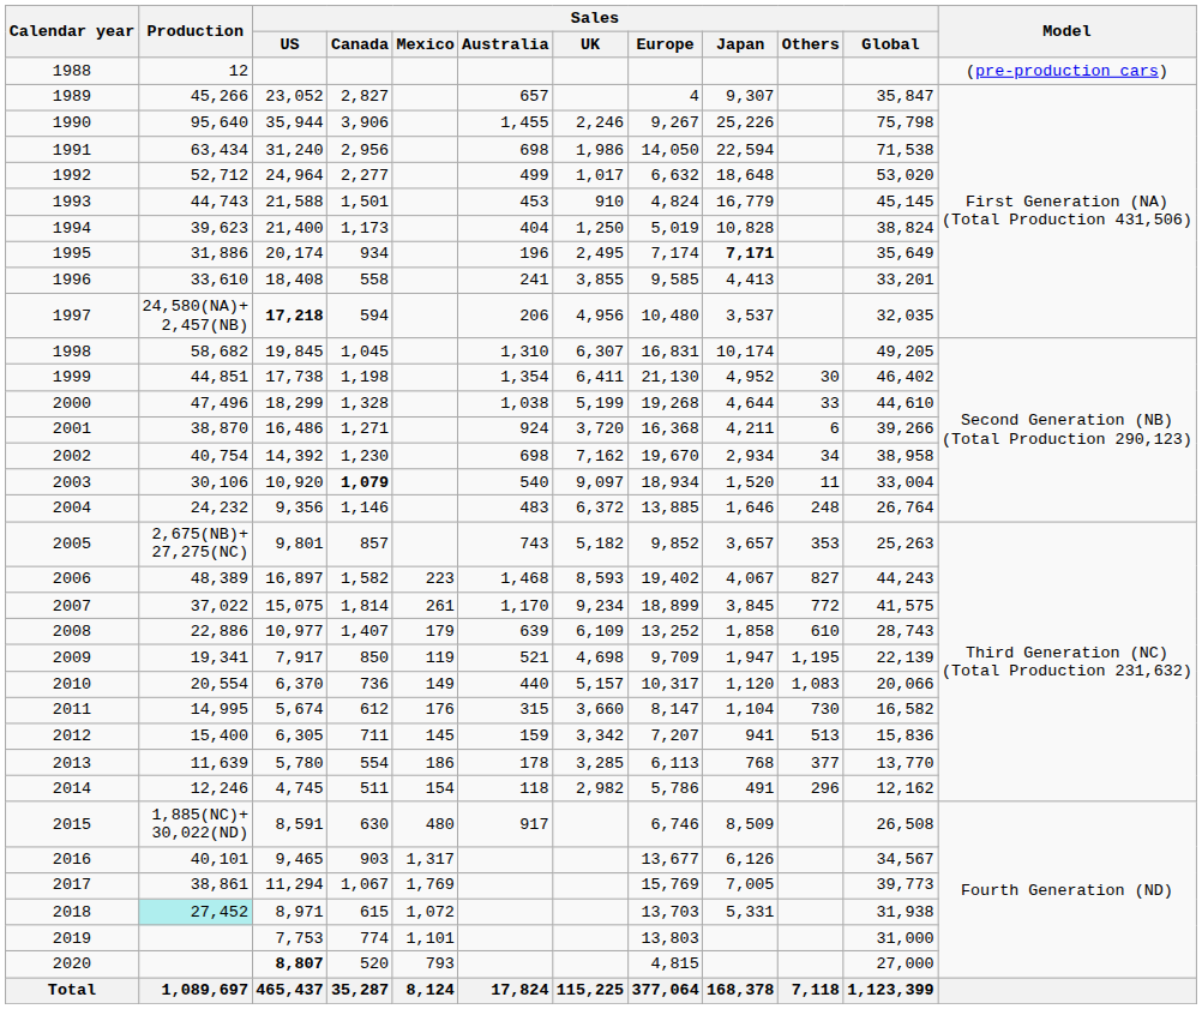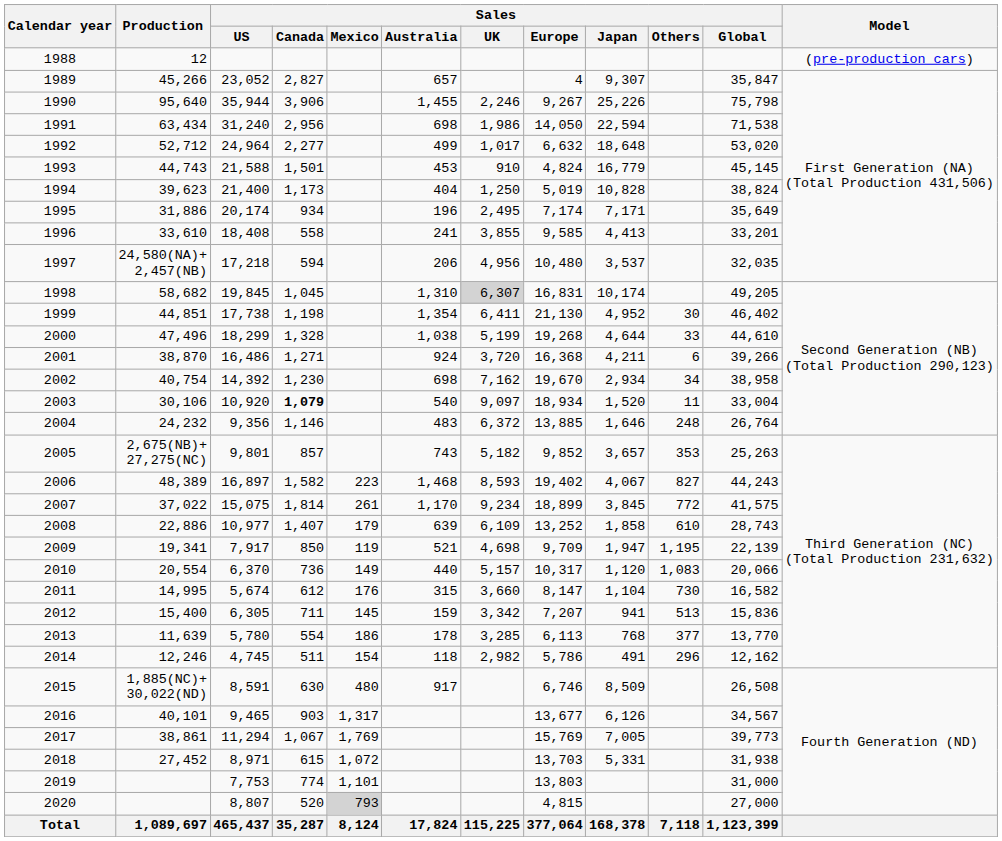 <table class="wikitable" style="text-align: right;">
 <tr>
 <th rowspan="2">Calendar year</th>
 <th rowspan="2">Production</th>
 <th colspan="9">Sales</th>
 <th rowspan="2">Model</th>
 </tr>
 <tr>
 <th>US</th>
 <th>Canada</th>
 <th>Mexico</th>
 <th>Australia</th>
 <th>UK</th>
 <th>Europe</th>
 <th>Japan</th>
 <th>Others</th>
 <th>Global</th>
 </tr>
 <tr>
 <td style="text-align: center;">1988</td>
 <td>12</td>
 <td></td>
 <td></td>
 <td></td>
 <td></td>
 <td></td>
 <td></td>
 <td></td>
 <td></td>
 <td></td>
 <td style="text-align: center;">(<a href='#'>pre-production cars</a>)</td>
 </tr>
 <tr>
 <td style="text-align: center;">1989</td>
 <td>45,266</td>
 <td>23,052</td>
 <td>2,827</td>
 <td></td>
 <td>657</td>
 <td></td>
 <td>4</td>
 <td>9,307</td>
 <td></td>
 <td>35,847</td>
 <td style="text-align: center;" rowspan="9">First Generation (NA)<br> (Total Production 431,506)</td>
 </tr>
 <tr>
 <td style="text-align: center;">1990</td>
 <td>95,640</td>
 <td>35,944</td>
 <td>3,906</td>
 <td></td>
 <td>1,455</td>
 <td>2,246</td>
 <td>9,267</td>
 <td>25,226</td>
 <td></td>
 <td>75,798</td>
 </tr>
 <tr>
 <td style="text-align: center;">1991</td>
 <td>63,434</td>
 <td>31,240</td>
 <td>2,956</td>
 <td></td>
 <td>698</td>
 <td>1,986</td>
 <td>14,050</td>
 <td>22,594</td>
 <td></td>
 <td>71,538</td>
 </tr>
 <tr>
 <td style="text-align: center;">1992</td>
 <td>52,712</td>
 <td>24,964</td>
 <td>2,277</td>
 <td></td>
 <td>499</td>
 <td>1,017</td>
 <td>6,632</td>
 <td>18,648</td>
 <td></td>
 <td>53,020</td>
 </tr>
 <tr>
 <td style="text-align: center;">1993</td>
 <td>44,743</td>
 <td>21,588</td>
 <td>1,501</td>
 <td></td>
 <td>453</td>
 <td>910</td>
 <td>4,824</td>
 <td>16,779</td>
 <td></td>
 <td>45,145</td>
 </tr>
 <tr>
 <td style="text-align: center;">1994</td>
 <td>39,623</td>
 <td>21,400</td>
 <td>1,173</td>
 <td></td>
 <td>404</td>
 <td>1,250</td>
 <td>5,019</td>
 <td>10,828</td>
 <td></td>
 <td>38,824</td>
 </tr>
 <tr>
 <td style="text-align: center;">1995</td>
 <td>31,886</td>
 <td>20,174</td>
 <td>934</td>
 <td></td>
 <td>196</td>
 <td>2,495</td>
 <td>7,174</td>
-<td><strong>7,171</strong></td>
+<td>7,171</td>
 <td></td>
 <td>35,649</td>
 </tr>
 <tr>
 <td style="text-align: center;">1996</td>
 <td>33,610</td>
 <td>18,408</td>
 <td>558</td>
 <td></td>
 <td>241</td>
 <td>3,855</td>
 <td>9,585</td>
 <td>4,413</td>
 <td></td>
 <td>33,201</td>
 </tr>
 <tr>
 <td style="text-align: center;">1997</td>
 <td>24,580(NA)+<br>2,457(NB)</td>
-<td><strong>17,218</strong></td>
+<td>17,218</td>
 <td>594</td>
 <td></td>
 <td>206</td>
 <td>4,956</td>
 <td>10,480</td>
 <td>3,537</td>
 <td></td>
 <td>32,035</td>
 </tr>
 <tr>
 <td style="text-align: center;">1998</td>
 <td>58,682</td>
 <td>19,845</td>
 <td>1,045</td>
 <td></td>
 <td>1,310</td>
-<td>6,307</td>
+<td style="background: lightgrey;">6,307</td>
 <td>16,831</td>
 <td>10,174</td>
 <td></td>
 <td>49,205</td>
 <td style="text-align: center;" rowspan="7">Second Generation (NB)<br>(Total Production 290,123)</td>
 </tr>
 <tr>
 <td style="text-align: center;">1999</td>
 <td>44,851</td>
 <td>17,738</td>
 <td>1,198</td>
 <td></td>
 <td>1,354</td>
 <td>6,411</td>
 <td>21,130</td>
 <td>4,952</td>
 <td>30</td>
 <td>46,402</td>
 </tr>
 <tr>
 <td style="text-align: center;">2000</td>
 <td>47,496</td>
 <td>18,299</td>
 <td>1,328</td>
 <td></td>
 <td>1,038</td>
 <td>5,199</td>
 <td>19,268</td>
 <td>4,644</td>
 <td>33</td>
 <td>44,610</td>
 </tr>
 <tr>
 <td style="text-align: center;">2001</td>
 <td>38,870</td>
 <td>16,486</td>
 <td>1,271</td>
 <td></td>
 <td>924</td>
 <td>3,720</td>
 <td>16,368</td>
 <td>4,211</td>
 <td>6</td>
 <td>39,266</td>
 </tr>
 <tr>
 <td style="text-align: center;">2002</td>
 <td>40,754</td>
 <td>14,392</td>
 <td>1,230</td>
 <td></td>
 <td>698</td>
 <td>7,162</td>
 <td>19,670</td>
 <td>2,934</td>
 <td>34</td>
 <td>38,958</td>
 </tr>
 <tr>
 <td style="text-align: center;">2003</td>
 <td>30,106</td>
 <td>10,920</td>
 <td><strong>1,079</strong></td>
 <td></td>
 <td>540</td>
 <td>9,097</td>
 <td>18,934</td>
 <td>1,520</td>
 <td>11</td>
 <td>33,004</td>
 </tr>
 <tr>
 <td style="text-align: center;">2004</td>
 <td>24,232</td>
 <td>9,356</td>
 <td>1,146</td>
 <td></td>
 <td>483</td>
 <td>6,372</td>
 <td>13,885</td>
 <td>1,646</td>
 <td>248</td>
 <td>26,764</td>
 </tr>
 <tr>
 <td style="text-align: center;">2005</td>
 <td>2,675(NB)+<br>27,275(NC)</td>
 <td>9,801</td>
 <td>857</td>
 <td></td>
 <td>743</td>
 <td>5,182</td>
 <td>9,852</td>
 <td>3,657</td>
 <td>353</td>
 <td>25,263</td>
 <td style="text-align: center;" rowspan="10">Third Generation (NC)<br>(Total Production 231,632)</td>
 </tr>
 <tr>
 <td style="text-align: center;">2006</td>
 <td>48,389</td>
 <td>16,897</td>
 <td>1,582</td>
 <td>223</td>
 <td>1,468</td>
 <td>8,593</td>
 <td>19,402</td>
 <td>4,067</td>
 <td>827</td>
 <td>44,243</td>
 </tr>
 <tr>
 <td style="text-align: center;">2007</td>
 <td>37,022</td>
 <td>15,075</td>
 <td>1,814</td>
 <td>261</td>
 <td>1,170</td>
 <td>9,234</td>
 <td>18,899</td>
 <td>3,845</td>
 <td>772</td>
 <td>41,575</td>
 </tr>
 <tr>
 <td style="text-align: center;">2008</td>
 <td>22,886</td>
 <td>10,977</td>
 <td>1,407</td>
 <td>179</td>
 <td>639</td>
 <td>6,109</td>
 <td>13,252</td>
 <td>1,858</td>
 <td>610</td>
 <td>28,743</td>
 </tr>
 <tr>
 <td style="text-align: center;">2009</td>
 <td>19,341</td>
 <td>7,917</td>
 <td>850</td>
 <td>119</td>
 <td>521</td>
 <td>4,698</td>
 <td>9,709</td>
 <td>1,947</td>
 <td>1,195</td>
 <td>22,139</td>
 </tr>
 <tr>
 <td style="text-align: center;">2010</td>
 <td>20,554</td>
 <td>6,370</td>
 <td>736</td>
 <td>149</td>
 <td>440</td>
 <td>5,157</td>
 <td>10,317</td>
 <td>1,120</td>
 <td>1,083</td>
 <td>20,066</td>
 </tr>
 <tr>
 <td style="text-align: center;">2011</td>
 <td>14,995</td>
 <td>5,674</td>
 <td>612</td>
 <td>176</td>
 <td>315</td>
 <td>3,660</td>
 <td>8,147</td>
 <td>1,104</td>
 <td>730</td>
 <td>16,582</td>
 </tr>
 <tr>
 <td style="text-align: center;">2012</td>
 <td>15,400</td>
 <td>6,305</td>
 <td>711</td>
 <td>145</td>
 <td>159</td>
 <td>3,342</td>
 <td>7,207</td>
 <td>941</td>
 <td>513</td>
 <td>15,836</td>
 </tr>
 <tr>
 <td style="text-align: center;">2013</td>
 <td>11,639</td>
 <td>5,780</td>
 <td>554</td>
 <td>186</td>
 <td>178</td>
 <td>3,285</td>
 <td>6,113</td>
 <td>768</td>
 <td>377</td>
 <td>13,770</td>
 </tr>
 <tr>
 <td style="text-align: center;">2014</td>
 <td>12,246</td>
 <td>4,745</td>
 <td>511</td>
 <td>154</td>
 <td>118</td>
 <td>2,982</td>
 <td>5,786</td>
 <td>491</td>
 <td>296</td>
 <td>12,162</td>
 </tr>
 <tr>
 <td style="text-align: center;">2015</td>
 <td>1,885(NC)+<br>30,022(ND)</td>
 <td>8,591</td>
 <td>630</td>
 <td>480</td>
 <td>917</td>
 <td></td>
 <td>6,746</td>
 <td>8,509</td>
 <td></td>
 <td>26,508</td>
 <td style="text-align: center;" rowspan="6">Fourth Generation (ND)</td>
 </tr>
 <tr>
 <td style="text-align: center;">2016</td>
 <td>40,101</td>
 <td>9,465</td>
 <td>903</td>
 <td>1,317</td>
 <td></td>
 <td></td>
 <td>13,677</td>
 <td>6,126</td>
 <td></td>
 <td>34,567</td>
 </tr>
 <tr>
 <td style="text-align: center;">2017</td>
 <td>38,861</td>
 <td>11,294</td>
 <td>1,067</td>
 <td>1,769</td>
 <td></td>
 <td></td>
 <td>15,769</td>
 <td>7,005</td>
 <td></td>
 <td>39,773</td>
 </tr>
 <tr>
 <td style="text-align: center;">2018</td>
-<td style="background: paleturquoise;">27,452</td>
+<td>27,452</td>
 <td>8,971</td>
 <td>615</td>
 <td>1,072</td>
 <td></td>
 <td></td>
 <td>13,703</td>
 <td>5,331</td>
 <td></td>
 <td>31,938</td>
 </tr>
 <tr>
 <td style="text-align: center;">2019</td>
 <td></td>
 <td>7,753</td>
 <td>774</td>
 <td>1,101</td>
 <td></td>
 <td></td>
 <td>13,803</td>
 <td></td>
 <td></td>
 <td>31,000</td>
 </tr>
 <tr>
 <td style="text-align: center;">2020</td>
 <td></td>
-<td><strong>8,807</strong></td>
+<td>8,807</td>
 <td>520</td>
-<td>793</td>
+<td style="background: lightgrey;">793</td>
 <td></td>
 <td></td>
 <td>4,815</td>
 <td></td>
 <td></td>
 <td>27,000</td>
 </tr>
 <tr>
 <th>Total</th>
 <th style="text-align: right;">1,089,697</th>
 <th style="text-align: right;">465,437</th>
 <th style="text-align: right;">35,287</th>
 <th style="text-align: right;">8,124</th>
 <th style="text-align: right;">17,824</th>
 <th style="text-align: right;">115,225</th>
 <th style="text-align: right;">377,064</th>
 <th style="text-align: right;">168,378</th>
 <th style="text-align: right;">7,118</th>
 <th style="text-align: right;">1,123,399</th>
 <th></th>
 </tr>
 </table>
